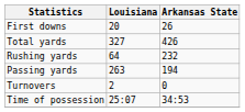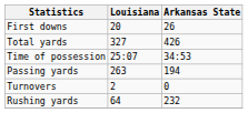 <table class="wikitable">
 <tr>
 <th>Statistics</th>
 <th>Louisiana</th>
 <th>Arkansas State</th>
 </tr>
 <tr>
 <td>First downs</td>
 <td>20</td>
 <td>26</td>
 </tr>
 <tr>
 <td>Total yards</td>
 <td>327</td>
 <td>426</td>
 </tr>
 <tr>
-<td>Rushing yards</td>
-<td>64</td>
-<td>232</td>
+<td>Time of possession</td>
+<td>25:07</td>
+<td>34:53</td>
 </tr>
 <tr>
 <td>Passing yards</td>
 <td>263</td>
 <td>194</td>
 </tr>
 <tr>
 <td>Turnovers</td>
 <td>2</td>
 <td>0</td>
 </tr>
 <tr>
-<td>Time of possession</td>
-<td>25:07</td>
-<td>34:53</td>
+<td>Rushing yards</td>
+<td>64</td>
+<td>232</td>
 </tr>
 <tr>
 </tr>
 </table>
